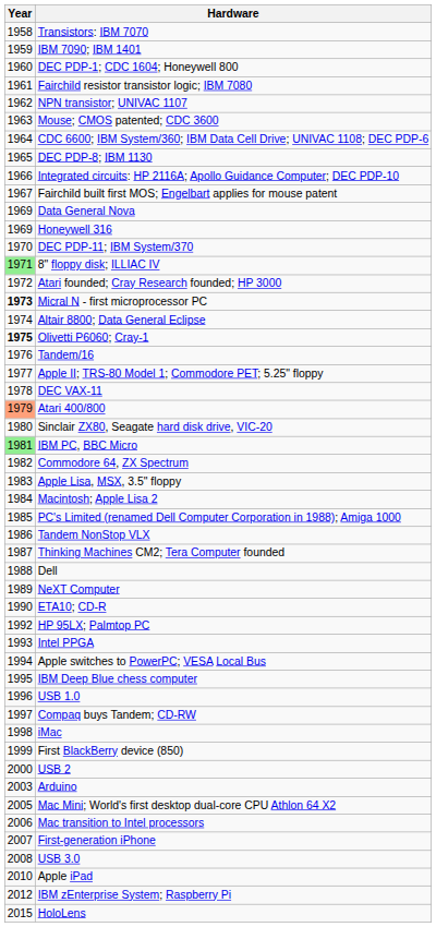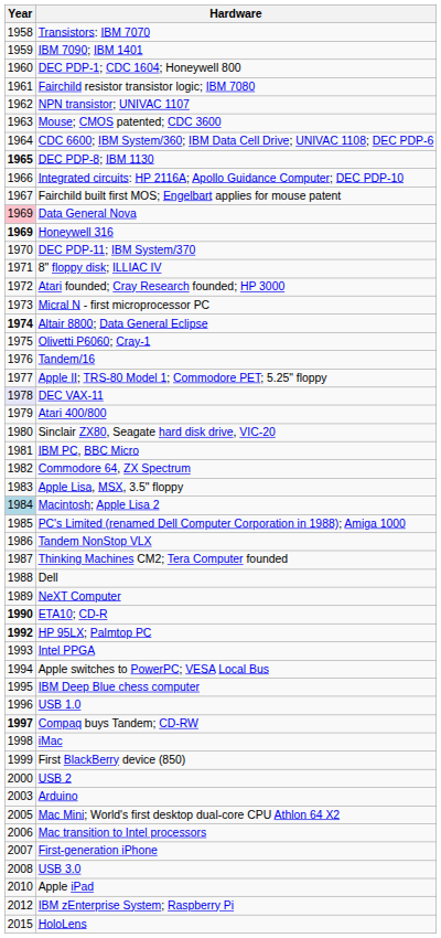 <table class="wikitable">
 <tr>
 <th>Year</th>
 <th>Hardware</th>
 </tr>
 <tr>
 <td>1958</td>
 <td><a href='#'>Transistors</a>: <a href='#'>IBM 7070</a></td>
 </tr>
 <tr>
 <td>1959</td>
 <td><a href='#'>IBM 7090</a>; <a href='#'>IBM 1401</a></td>
 </tr>
 <tr>
 <td>1960</td>
 <td><a href='#'>DEC PDP-1</a>; <a href='#'>CDC 1604</a>; Honeywell 800</td>
 </tr>
 <tr>
 <td>1961</td>
 <td><a href='#'>Fairchild</a> resistor transistor logic; <a href='#'>IBM 7080</a></td>
 </tr>
 <tr>
 <td>1962</td>
 <td><a href='#'>NPN transistor</a>; <a href='#'>UNIVAC 1107</a></td>
 </tr>
 <tr>
 <td>1963</td>
 <td><a href='#'>Mouse</a>; <a href='#'>CMOS</a> patented; <a href='#'>CDC 3600</a></td>
 </tr>
 <tr>
 <td>1964</td>
 <td><a href='#'>CDC 6600</a>; <a href='#'>IBM System/360</a>; <a href='#'>IBM Data Cell Drive</a>; <a href='#'>UNIVAC 1108</a>; <a href='#'>DEC PDP-6</a></td>
 </tr>
 <tr>
-<td>1965</td>
+<td><strong>1965</strong></td>
 <td><a href='#'>DEC PDP-8</a>; <a href='#'>IBM 1130</a></td>
 </tr>
 <tr>
 <td>1966</td>
 <td><a href='#'>Integrated circuits</a>: <a href='#'>HP 2116A</a>; <a href='#'>Apollo Guidance Computer</a>; <a href='#'>DEC PDP-10</a></td>
 </tr>
 <tr>
 <td>1967</td>
 <td>Fairchild built first MOS; <a href='#'>Engelbart</a> applies for mouse patent</td>
 </tr>
 <tr>
-<td>1969</td>
+<td style="background: pink;">1969</td>
 <td><a href='#'>Data General Nova</a></td>
 </tr>
 <tr>
-<td>1969</td>
+<td><strong>1969</strong></td>
 <td><a href='#'>Honeywell 316</a></td>
 </tr>
 <tr>
 <td>1970</td>
 <td><a href='#'>DEC PDP-11</a>; <a href='#'>IBM System/370</a></td>
 </tr>
 <tr>
-<td style="background: lightgreen;">1971</td>
+<td>1971</td>
 <td>8" <a href='#'>floppy disk</a>; <a href='#'>ILLIAC IV</a></td>
 </tr>
 <tr>
 <td>1972</td>
 <td><a href='#'>Atari</a> founded; <a href='#'>Cray Research</a> founded; <a href='#'>HP 3000</a></td>
 </tr>
 <tr>
-<td><strong>1973</strong></td>
+<td>1973</td>
 <td><a href='#'>Micral N</a> - first microprocessor PC</td>
 </tr>
 <tr>
-<td>1974</td>
+<td><strong>1974</strong></td>
 <td><a href='#'>Altair 8800</a>; <a href='#'>Data General Eclipse</a></td>
 </tr>
 <tr>
-<td><strong>1975</strong></td>
+<td>1975</td>
 <td><a href='#'>Olivetti P6060</a>; <a href='#'>Cray-1</a></td>
 </tr>
 <tr>
 <td>1976</td>
 <td><a href='#'>Tandem/16</a></td>
 </tr>
 <tr>
 <td>1977</td>
 <td><a href='#'>Apple II</a>; <a href='#'>TRS-80 Model 1</a>; <a href='#'>Commodore PET</a>; 5.25" floppy</td>
 </tr>
 <tr>
-<td>1978</td>
+<td style="background: lavender;">1978</td>
 <td><a href='#'>DEC VAX-11</a></td>
 </tr>
 <tr>
-<td style="background: lightsalmon;">1979</td>
+<td>1979</td>
 <td><a href='#'>Atari 400/800</a></td>
 </tr>
 <tr>
 <td>1980</td>
 <td>Sinclair <a href='#'>ZX80</a>, Seagate <a href='#'>hard disk drive</a>, <a href='#'>VIC-20</a></td>
 </tr>
 <tr>
-<td style="background: lightgreen;">1981</td>
+<td>1981</td>
 <td><a href='#'>IBM PC</a>, <a href='#'>BBC Micro</a></td>
 </tr>
 <tr>
 <td>1982</td>
 <td><a href='#'>Commodore 64</a>, <a href='#'>ZX Spectrum</a></td>
 </tr>
 <tr>
 <td>1983</td>
 <td><a href='#'>Apple Lisa</a>, <a href='#'>MSX</a>, 3.5" floppy</td>
 </tr>
 <tr>
-<td>1984</td>
+<td style="background: lightblue;">1984</td>
 <td><a href='#'>Macintosh</a>; <a href='#'>Apple Lisa 2</a></td>
 </tr>
 <tr>
 <td>1985</td>
 <td><a href='#'>PC's Limited (renamed Dell Computer Corporation in 1988)</a>; <a href='#'>Amiga 1000</a></td>
 </tr>
 <tr>
 <td>1986</td>
 <td><a href='#'>Tandem NonStop VLX</a></td>
 </tr>
 <tr>
 <td>1987</td>
 <td><a href='#'>Thinking Machines</a> CM2; <a href='#'>Tera Computer</a> founded</td>
 </tr>
 <tr>
 <td>1988</td>
 <td>Dell</td>
 </tr>
 <tr>
 <td>1989</td>
 <td><a href='#'>NeXT Computer</a></td>
 </tr>
 <tr>
-<td>1990</td>
+<td><strong>1990</strong></td>
 <td><a href='#'>ETA10</a>; <a href='#'>CD-R</a></td>
 </tr>
 <tr>
-<td>1992</td>
+<td><strong>1992</strong></td>
 <td><a href='#'>HP 95LX</a>; <a href='#'>Palmtop PC</a></td>
 </tr>
 <tr>
 <td>1993</td>
 <td><a href='#'>Intel PPGA</a></td>
 </tr>
 <tr>
 <td>1994</td>
 <td>Apple switches to <a href='#'>PowerPC</a>; <a href='#'>VESA</a> <a href='#'>Local Bus</a></td>
 </tr>
 <tr>
 <td>1995</td>
 <td><a href='#'>IBM Deep Blue chess computer</a></td>
 </tr>
 <tr>
 <td>1996</td>
 <td><a href='#'>USB 1.0</a></td>
 </tr>
 <tr>
-<td>1997</td>
+<td><strong>1997</strong></td>
 <td><a href='#'>Compaq</a> buys Tandem; <a href='#'>CD-RW</a></td>
 </tr>
 <tr>
 <td>1998</td>
 <td><a href='#'>iMac</a></td>
 </tr>
 <tr>
 <td>1999</td>
 <td>First <a href='#'>BlackBerry</a> device (850)</td>
 </tr>
 <tr>
 <td>2000</td>
 <td><a href='#'>USB 2</a></td>
 </tr>
 <tr>
 <td>2003</td>
 <td><a href='#'>Arduino</a></td>
 </tr>
 <tr>
 <td>2005</td>
 <td><a href='#'>Mac Mini</a>; World's first desktop dual-core CPU <a href='#'>Athlon 64 X2</a></td>
 </tr>
 <tr>
 <td>2006</td>
 <td><a href='#'>Mac transition to Intel processors</a></td>
 </tr>
 <tr>
 <td>2007</td>
 <td><a href='#'>First-generation iPhone</a></td>
 </tr>
 <tr>
 <td>2008</td>
 <td><a href='#'>USB 3.0</a></td>
 </tr>
 <tr>
 <td>2010</td>
 <td>Apple <a href='#'>iPad</a></td>
 </tr>
 <tr>
 <td>2012</td>
 <td><a href='#'>IBM zEnterprise System</a>; <a href='#'>Raspberry Pi</a></td>
 </tr>
 <tr>
 <td>2015</td>
 <td><a href='#'>HoloLens</a></td>
 </tr>
 </table>
